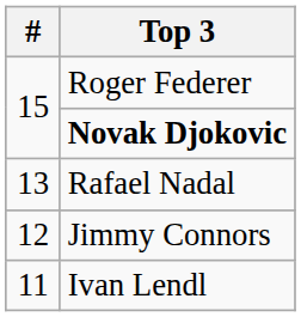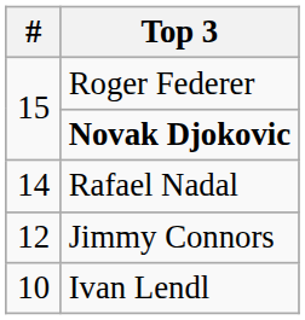 <table class="wikitable" style="display:inline-table;">
 <tr>
 <th width=20>#</th>
 <th>Top 3</th>
 </tr>
 <tr>
 <td rowspan="2" style="text-align:center;">15</td>
 <td> Roger Federer</td>
 </tr>
 <tr>
 <td> <strong>Novak Djokovic</strong></td>
 </tr>
 <tr>
-<td style="text-align:center;">13</td>
+<td style="text-align:center;">14</td>
 <td> Rafael Nadal</td>
 </tr>
 <tr>
 <td style="text-align:center;">12</td>
 <td> Jimmy Connors</td>
 </tr>
 <tr>
-<td style="text-align:center;">11</td>
+<td style="text-align:center;">10</td>
 <td> Ivan Lendl</td>
 </tr>
 </table>
